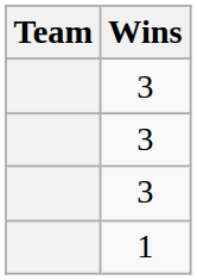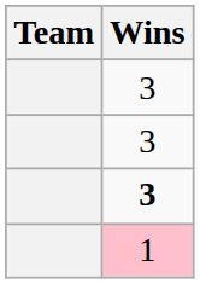 <table class="wikitable sortable plainrowheaders" style="text-align:center">
 <tr>
 <th scope="col">Team</th>
 <th scope="col">Wins</th>
 </tr>
 <tr>
 <th scope="row"></th>
 <td>3</td>
 </tr>
 <tr>
 <th scope="row"></th>
 <td>3</td>
 </tr>
 <tr>
 <th scope="row"></th>
-<td>3</td>
+<td><strong>3</strong></td>
 </tr>
 <tr>
 <th scope="row"></th>
-<td>1</td>
+<td style="background: pink;">1</td>
 </tr>
 </table>
